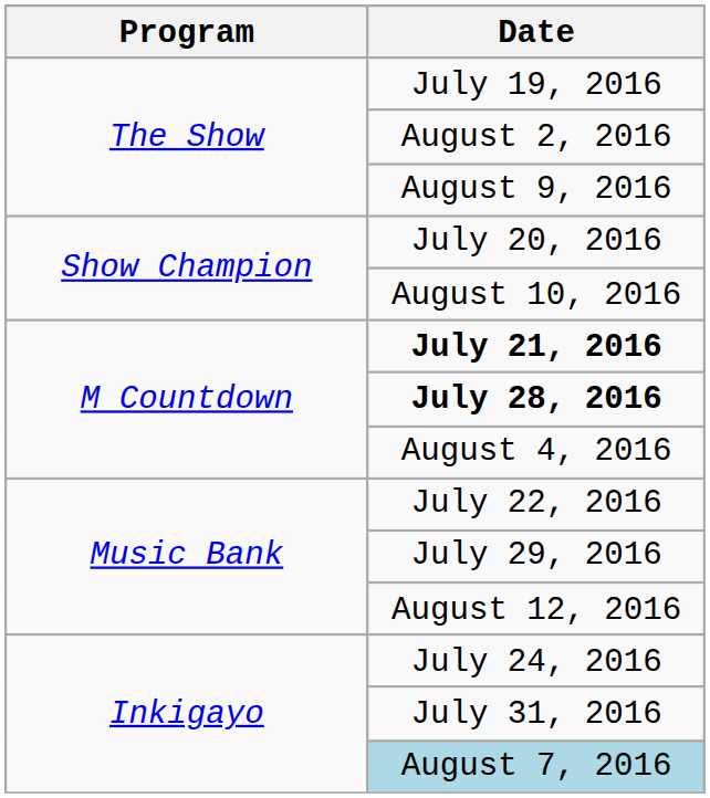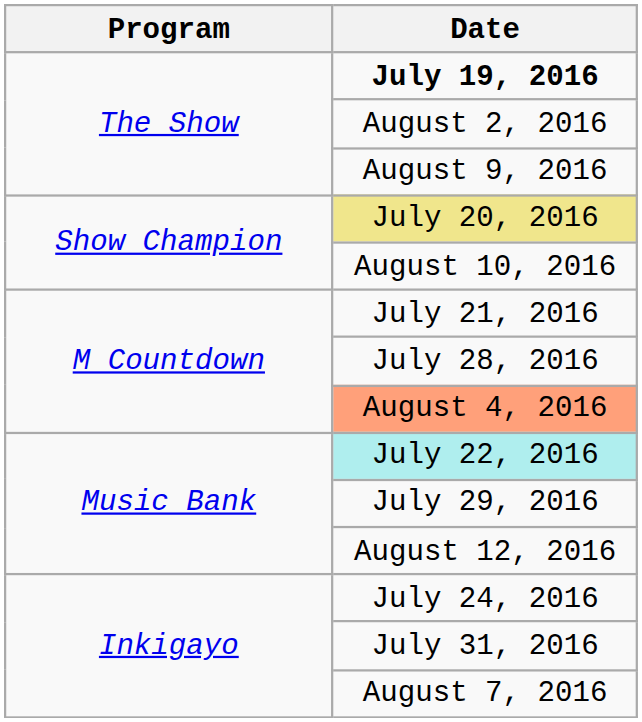 <table class="sortable wikitable" style="text-align:center;">
 <tr>
 <th width="140">Program</th>
 <th width="130">Date</th>
 </tr>
 <tr>
 <td rowspan="3"><em><a href='#'>The Show</a></em></td>
-<td>July 19, 2016</td>
+<td><strong>July 19, 2016</strong></td>
 </tr>
 <tr>
 <td>August 2, 2016</td>
 </tr>
 <tr>
 <td>August 9, 2016</td>
 </tr>
 <tr>
 <td rowspan="2"><em><a href='#'>Show Champion</a></em></td>
-<td>July 20, 2016</td>
+<td style="background: khaki;">July 20, 2016</td>
 </tr>
 <tr>
 <td>August 10, 2016</td>
 </tr>
 <tr>
 <td rowspan="3"><em><a href='#'>M Countdown</a></em></td>
-<td><strong>July 21, 2016</strong></td>
+<td>July 21, 2016</td>
 </tr>
 <tr>
-<td><strong>July 28, 2016</strong></td>
+<td>July 28, 2016</td>
 </tr>
 <tr>
-<td>August 4, 2016</td>
+<td style="background: lightsalmon;">August 4, 2016</td>
 </tr>
 <tr>
 <td rowspan="3"><em><a href='#'>Music Bank</a></em></td>
-<td>July 22, 2016</td>
+<td style="background: paleturquoise;">July 22, 2016</td>
 </tr>
 <tr>
 <td>July 29, 2016</td>
 </tr>
 <tr>
 <td>August 12, 2016</td>
 </tr>
 <tr>
 <td rowspan="3"><em><a href='#'>Inkigayo</a></em></td>
 <td>July 24, 2016</td>
 </tr>
 <tr>
 <td>July 31, 2016</td>
 </tr>
 <tr>
-<td style="background: lightblue;">August 7, 2016</td>
+<td>August 7, 2016</td>
 </tr>
 </table>
